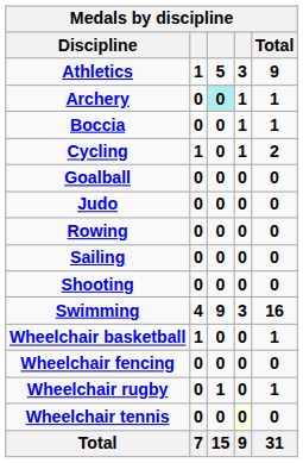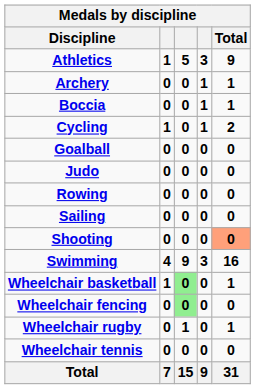 <table class="wikitable" style="font-size:85%;float:right;clear:right;margin-left:0.5em;">
 <tr bgcolor="#efefef">
 <th colspan=6>Medals by discipline</th>
 </tr>
 <tr style="text-align:center;">
 <th>Discipline</th>
 <th></th>
 <th></th>
 <th></th>
 <th>Total</th>
 </tr>
 <tr style="text-align:center; font-weight:bold;">
 <td><a href='#'>Athletics</a></td>
 <td>1</td>
 <td>5</td>
 <td>3</td>
 <td>9</td>
 </tr>
 <tr style="text-align:center; font-weight:bold;">
 <td><a href='#'>Archery</a></td>
 <td>0</td>
-<td style="background: paleturquoise;">0</td>
+<td>0</td>
 <td>1</td>
 <td>1</td>
 </tr>
 <tr style="text-align:center; font-weight:bold;">
 <td><a href='#'>Boccia</a></td>
 <td>0</td>
 <td>0</td>
 <td>1</td>
 <td>1</td>
 </tr>
 <tr style="text-align:center; font-weight:bold;">
 <td><a href='#'>Cycling</a></td>
 <td>1</td>
 <td>0</td>
 <td>1</td>
 <td>2</td>
 </tr>
 <tr style="text-align:center; font-weight:bold;">
 <td><a href='#'>Goalball</a></td>
 <td>0</td>
 <td>0</td>
 <td>0</td>
 <td>0</td>
 </tr>
 <tr style="text-align:center; font-weight:bold;">
 <td><a href='#'>Judo</a></td>
 <td>0</td>
 <td>0</td>
 <td>0</td>
 <td>0</td>
 </tr>
 <tr style="text-align:center; font-weight:bold;">
 <td><a href='#'>Rowing</a></td>
 <td>0</td>
 <td>0</td>
 <td>0</td>
 <td>0</td>
 </tr>
 <tr style="text-align:center; font-weight:bold;">
 <td><a href='#'>Sailing</a></td>
 <td>0</td>
 <td>0</td>
 <td>0</td>
 <td>0</td>
 </tr>
 <tr style="text-align:center; font-weight:bold;">
 <td><a href='#'>Shooting</a></td>
 <td>0</td>
 <td>0</td>
 <td>0</td>
-<td>0</td>
+<td style="background: lightsalmon;">0</td>
 </tr>
 <tr style="text-align:center; font-weight:bold;">
 <td><a href='#'>Swimming</a></td>
 <td>4</td>
 <td>9</td>
 <td>3</td>
 <td>16</td>
 </tr>
 <tr style="text-align:center; font-weight:bold;">
 <td><a href='#'>Wheelchair basketball</a></td>
 <td>1</td>
-<td>0</td>
+<td style="background: lightgreen;">0</td>
 <td>0</td>
 <td>1</td>
 </tr>
 <tr style="text-align:center; font-weight:bold;">
 <td><a href='#'>Wheelchair fencing</a></td>
 <td>0</td>
-<td>0</td>
+<td style="background: lightgreen;">0</td>
 <td>0</td>
 <td>0</td>
 </tr>
 <tr style="text-align:center; font-weight:bold;">
 <td><a href='#'>Wheelchair rugby</a></td>
 <td>0</td>
 <td>1</td>
 <td>0</td>
 <td>1</td>
 </tr>
 <tr style="text-align:center; font-weight:bold;">
 <td><a href='#'>Wheelchair tennis</a></td>
 <td>0</td>
 <td>0</td>
-<td style="background: lightyellow;">0</td>
+<td>0</td>
 <td>0</td>
 </tr>
 <tr style="text-align:center;">
 <th>Total</th>
 <th>7</th>
 <th>15</th>
 <th>9</th>
 <th>31</th>
 </tr>
 </table>
